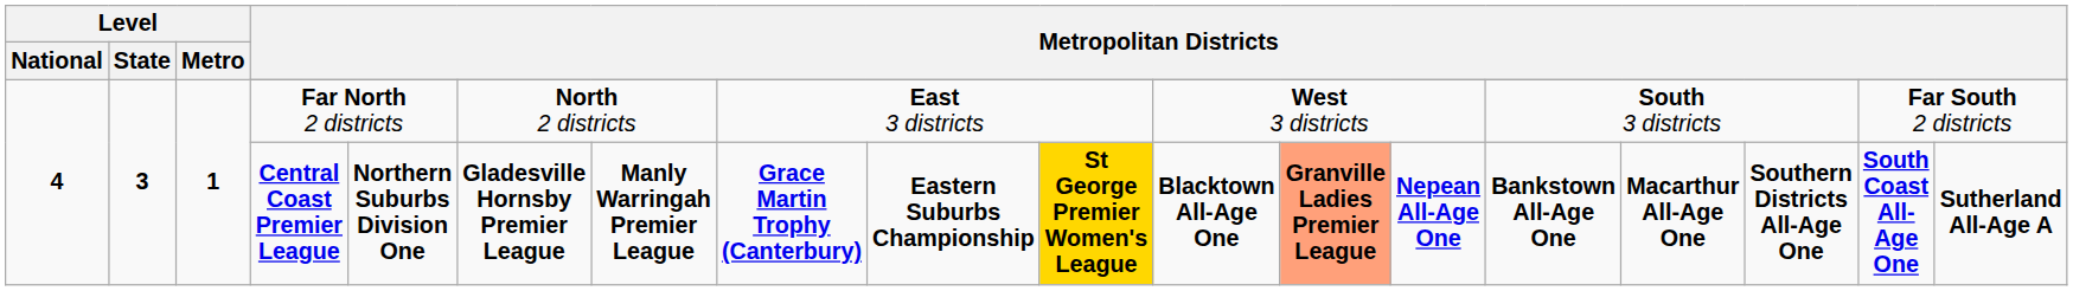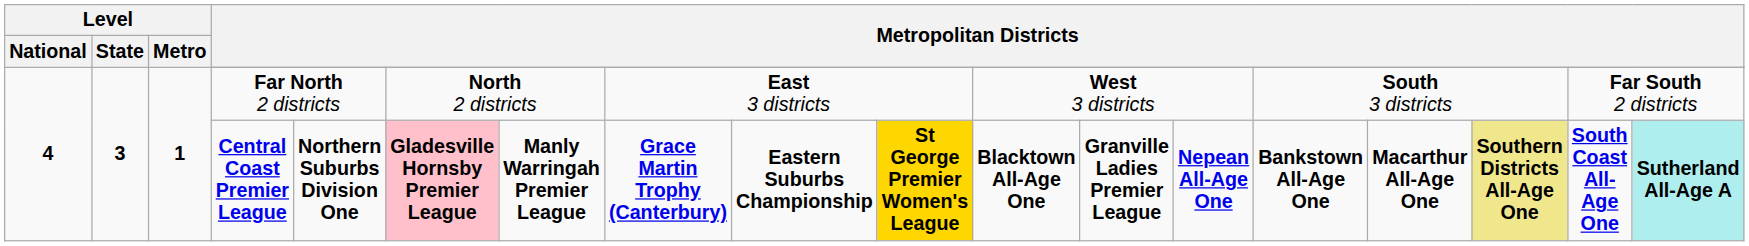 <table class="wikitable" style="text-align:center; width:100%;">
 <tr>
 <th colspan=3>Level</th>
 <th colspan=15 rowspan=2>Metropolitan Districts</th>
 </tr>
 <tr>
 <th width=1%>National</th>
 <th width=1%>State</th>
 <th width=1%>Metro</th>
 </tr>
 <tr>
 <td rowspan=3><strong>4</strong></td>
 <td rowspan=3><strong>3</strong></td>
 <td rowspan=3><strong>1</strong></td>
 </tr>
 <tr>
 <td colspan=2><strong>Far North</strong><br><em>2 districts</em></td>
 <td colspan=2><strong>North</strong><br><em>2 districts</em></td>
 <td colspan=3><strong>East</strong><br><em>3 districts</em></td>
 <td colspan=3><strong>West</strong><br><em>3 districts</em></td>
 <td colspan=3><strong>South</strong><br><em>3 districts</em></td>
 <td colspan=2><strong>Far South</strong><br><em>2 districts</em></td>
 </tr>
 <tr>
 <td><strong><a href='#'>Central Coast Premier League</a></strong></td>
 <td><strong>Northern Suburbs Division One</strong></td>
-<td><strong>Gladesville Hornsby Premier League</strong></td>
+<td style="background: pink;"><strong>Gladesville Hornsby Premier League</strong></td>
 <td><strong>Manly Warringah Premier League</strong></td>
 <td><strong><a href='#'>Grace Martin Trophy (Canterbury)</a></strong></td>
 <td><strong>Eastern Suburbs Championship</strong></td>
 <td style="background: gold;"><strong>St George Premier Women's League</strong></td>
 <td><strong>Blacktown All-Age One</strong></td>
-<td style="background: lightsalmon;"><strong>Granville Ladies Premier League</strong></td>
+<td><strong>Granville Ladies Premier League</strong></td>
 <td><strong><a href='#'>Nepean All-Age One</a></strong></td>
 <td><strong>Bankstown All-Age One</strong></td>
 <td><strong>Macarthur All-Age One</strong></td>
-<td><strong>Southern Districts All-Age One</strong></td>
+<td style="background: khaki;"><strong>Southern Districts All-Age One</strong></td>
 <td><strong><a href='#'>South Coast All-Age One</a></strong></td>
-<td><strong>Sutherland All-Age A</strong></td>
+<td style="background: paleturquoise;"><strong>Sutherland All-Age A</strong></td>
 </tr>
 </table>
